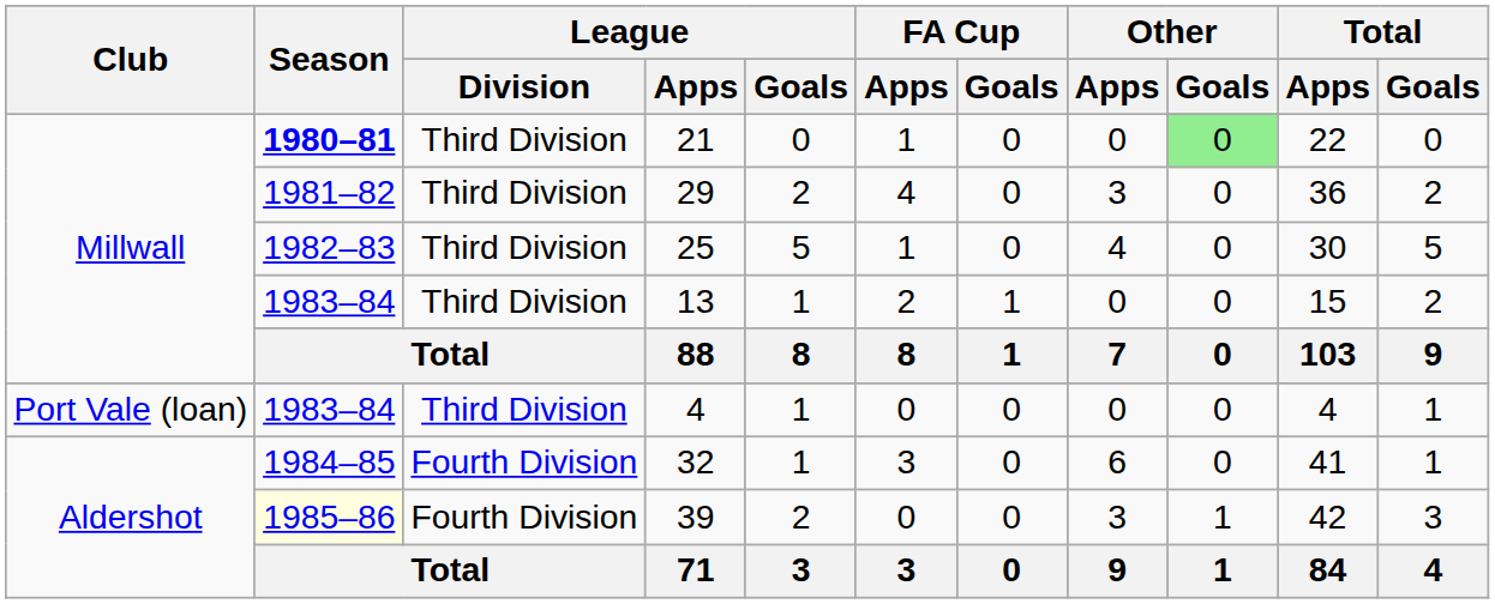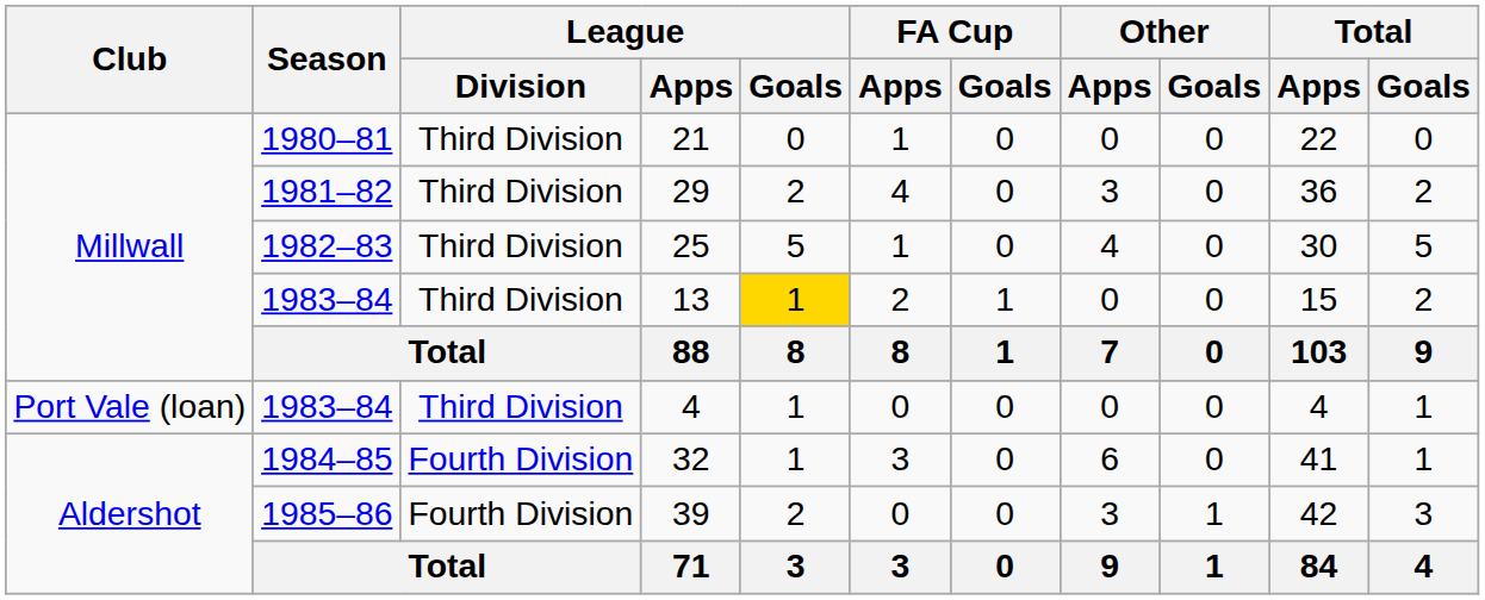 <table class="wikitable" style="text-align: center;">
 <tr>
 <th rowspan="2">Club</th>
 <th rowspan="2">Season</th>
 <th colspan="3">League</th>
 <th colspan="2">FA Cup</th>
 <th colspan="2">Other</th>
 <th colspan="2">Total</th>
 </tr>
 <tr>
 <th>Division</th>
 <th>Apps</th>
 <th>Goals</th>
 <th>Apps</th>
 <th>Goals</th>
 <th>Apps</th>
 <th>Goals</th>
 <th>Apps</th>
 <th>Goals</th>
 </tr>
 <tr>
 <td rowspan="5"><a href='#'>Millwall</a></td>
-<td><strong><a href='#'>1980–81</a></strong></td>
+<td><a href='#'>1980–81</a></td>
 <td>Third Division</td>
 <td>21</td>
 <td>0</td>
 <td>1</td>
 <td>0</td>
 <td>0</td>
-<td style="background: lightgreen;">0</td>
+<td>0</td>
 <td>22</td>
 <td>0</td>
 </tr>
 <tr>
 <td><a href='#'>1981–82</a></td>
 <td>Third Division</td>
 <td>29</td>
 <td>2</td>
 <td>4</td>
 <td>0</td>
 <td>3</td>
 <td>0</td>
 <td>36</td>
 <td>2</td>
 </tr>
 <tr>
 <td><a href='#'>1982–83</a></td>
 <td>Third Division</td>
 <td>25</td>
 <td>5</td>
 <td>1</td>
 <td>0</td>
 <td>4</td>
 <td>0</td>
 <td>30</td>
 <td>5</td>
 </tr>
 <tr>
 <td><a href='#'>1983–84</a></td>
 <td>Third Division</td>
 <td>13</td>
-<td>1</td>
+<td style="background: gold;">1</td>
 <td>2</td>
 <td>1</td>
 <td>0</td>
 <td>0</td>
 <td>15</td>
 <td>2</td>
 </tr>
 <tr>
 <th colspan="2">Total</th>
 <th>88</th>
 <th>8</th>
 <th>8</th>
 <th>1</th>
 <th>7</th>
 <th>0</th>
 <th>103</th>
 <th>9</th>
 </tr>
 <tr>
 <td><a href='#'>Port Vale</a> (loan)</td>
 <td><a href='#'>1983–84</a></td>
 <td><a href='#'>Third Division</a></td>
 <td>4</td>
 <td>1</td>
 <td>0</td>
 <td>0</td>
 <td>0</td>
 <td>0</td>
 <td>4</td>
 <td>1</td>
 </tr>
 <tr>
 <td rowspan="3"><a href='#'>Aldershot</a></td>
 <td><a href='#'>1984–85</a></td>
 <td><a href='#'>Fourth Division</a></td>
 <td>32</td>
 <td>1</td>
 <td>3</td>
 <td>0</td>
 <td>6</td>
 <td>0</td>
 <td>41</td>
 <td>1</td>
 </tr>
 <tr>
-<td style="background: lightyellow;"><a href='#'>1985–86</a></td>
+<td><a href='#'>1985–86</a></td>
 <td>Fourth Division</td>
 <td>39</td>
 <td>2</td>
 <td>0</td>
 <td>0</td>
 <td>3</td>
 <td>1</td>
 <td>42</td>
 <td>3</td>
 </tr>
 <tr>
 <th colspan="2">Total</th>
 <th>71</th>
 <th>3</th>
 <th>3</th>
 <th>0</th>
 <th>9</th>
 <th>1</th>
 <th>84</th>
 <th>4</th>
 </tr>
 </table>
